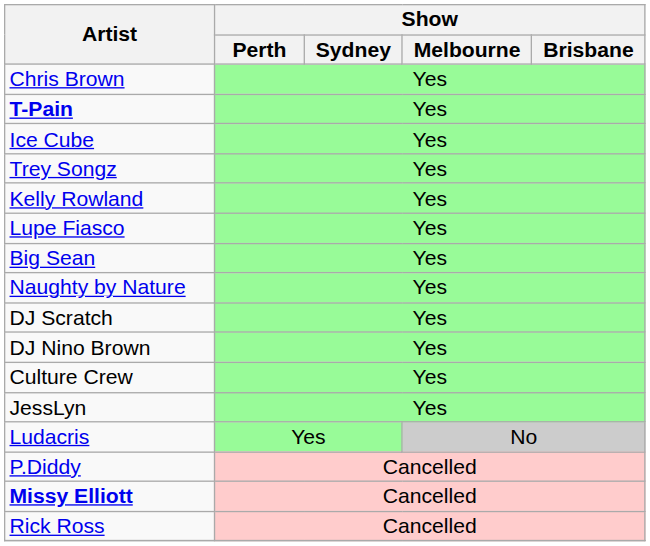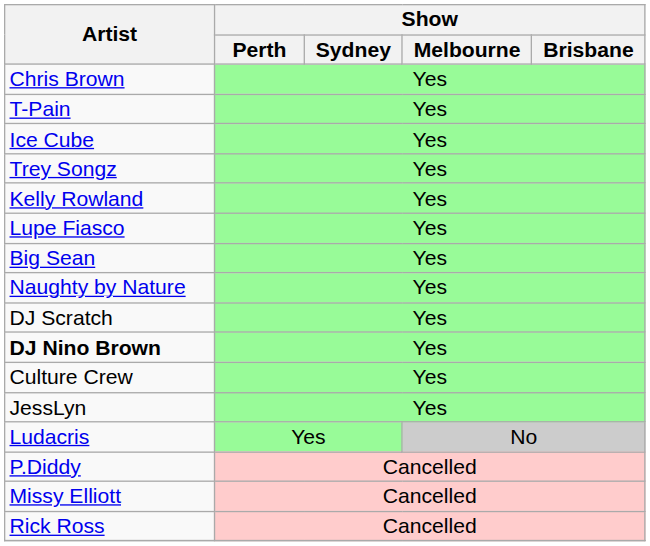 <table class="wikitable" width="55%" style="font-size:1em; line-height:0.95em;">
 <tr>
 <th width=28% rowspan="2">Artist</th>
 <th colspan="5">Show</th>
 </tr>
 <tr>
 <th width=12%>Perth</th>
 <th width=12%>Sydney</th>
 <th width=12%>Melbourne</th>
 <th width=12%>Brisbane</th>
 </tr>
 <tr align=center>
 <td align=left><a href='#'>Chris Brown</a></td>
 <td colspan="4" style="background:#98FB98">Yes</td>
 </tr>
 <tr align=center>
-<td align=left><strong><a href='#'>T-Pain</a></strong></td>
+<td align=left><a href='#'>T-Pain</a></td>
 <td colspan="4" style="background:#98FB98">Yes</td>
 </tr>
 <tr align=center>
 <td align=left><a href='#'>Ice Cube</a></td>
 <td colspan="4" style="background:#98FB98">Yes</td>
 </tr>
 <tr align=center>
 <td align=left><a href='#'>Trey Songz</a></td>
 <td colspan="4" style="background:#98FB98">Yes</td>
 </tr>
 <tr align=center>
 <td align=left><a href='#'>Kelly Rowland</a></td>
 <td colspan="4" style="background:#98FB98">Yes</td>
 </tr>
 <tr align=center>
 <td align=left><a href='#'>Lupe Fiasco</a></td>
 <td colspan="4" style="background:#98FB98">Yes</td>
 </tr>
 <tr align=center>
 <td align=left><a href='#'>Big Sean</a></td>
 <td colspan="4" style="background:#98FB98">Yes</td>
 </tr>
 <tr align=center>
 <td align=left><a href='#'>Naughty by Nature</a></td>
 <td colspan="4" style="background:#98FB98">Yes</td>
 </tr>
 <tr align=center>
 <td align=left>DJ Scratch</td>
 <td colspan="4" style="background:#98FB98">Yes</td>
 </tr>
 <tr align=center>
-<td align=left>DJ Nino Brown</td>
+<td align=left><strong>DJ Nino Brown</strong></td>
 <td colspan="4" style="background:#98FB98">Yes</td>
 </tr>
 <tr align=center>
 <td align=left>Culture Crew</td>
 <td colspan="4" style="background:#98FB98">Yes</td>
 </tr>
 <tr align=center>
 <td align=left>JessLyn</td>
 <td colspan="4" style="background:#98FB98">Yes</td>
 </tr>
 <tr align=center>
 <td align=left><a href='#'>Ludacris</a></td>
 <td colspan="2" style="background:#98FB98">Yes</td>
 <td colspan="2" style="background:#ccc">No</td>
 </tr>
 <tr align=center>
 <td align=left><a href='#'>P.Diddy</a></td>
 <td colspan="4" style="background:#ffcccc">Cancelled</td>
 </tr>
 <tr align=center>
-<td align=left><strong><a href='#'>Missy Elliott</a></strong></td>
+<td align=left><a href='#'>Missy Elliott</a></td>
 <td colspan="4" style="background:#ffcccc">Cancelled</td>
 </tr>
 <tr align=center>
 <td align=left><a href='#'>Rick Ross</a></td>
 <td colspan="4" style="background:#ffcccc">Cancelled</td>
 </tr>
 <tr align=center>
 </tr>
 </table>
